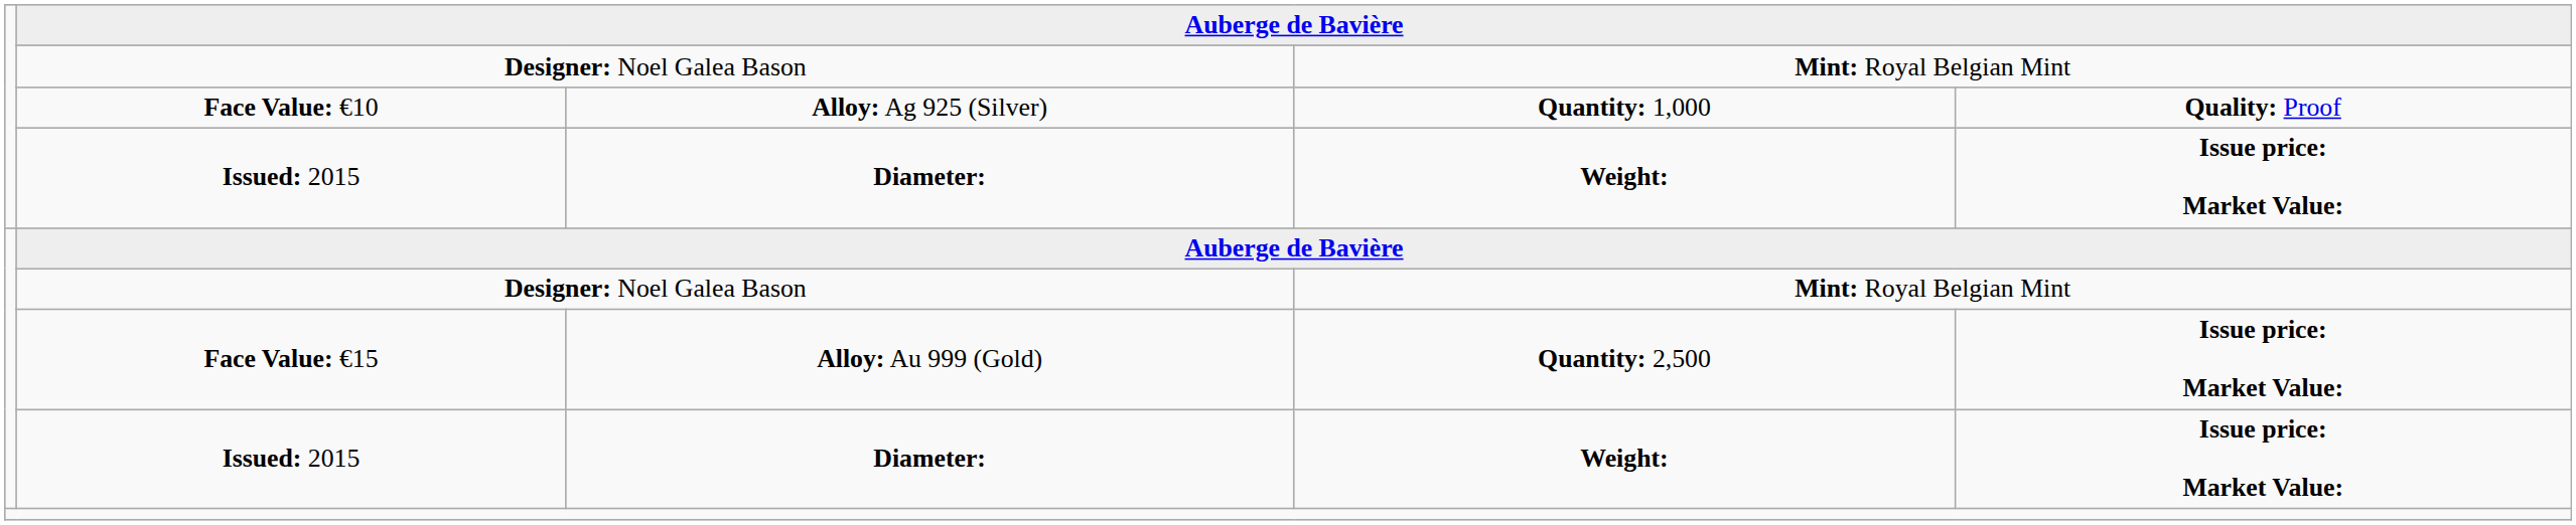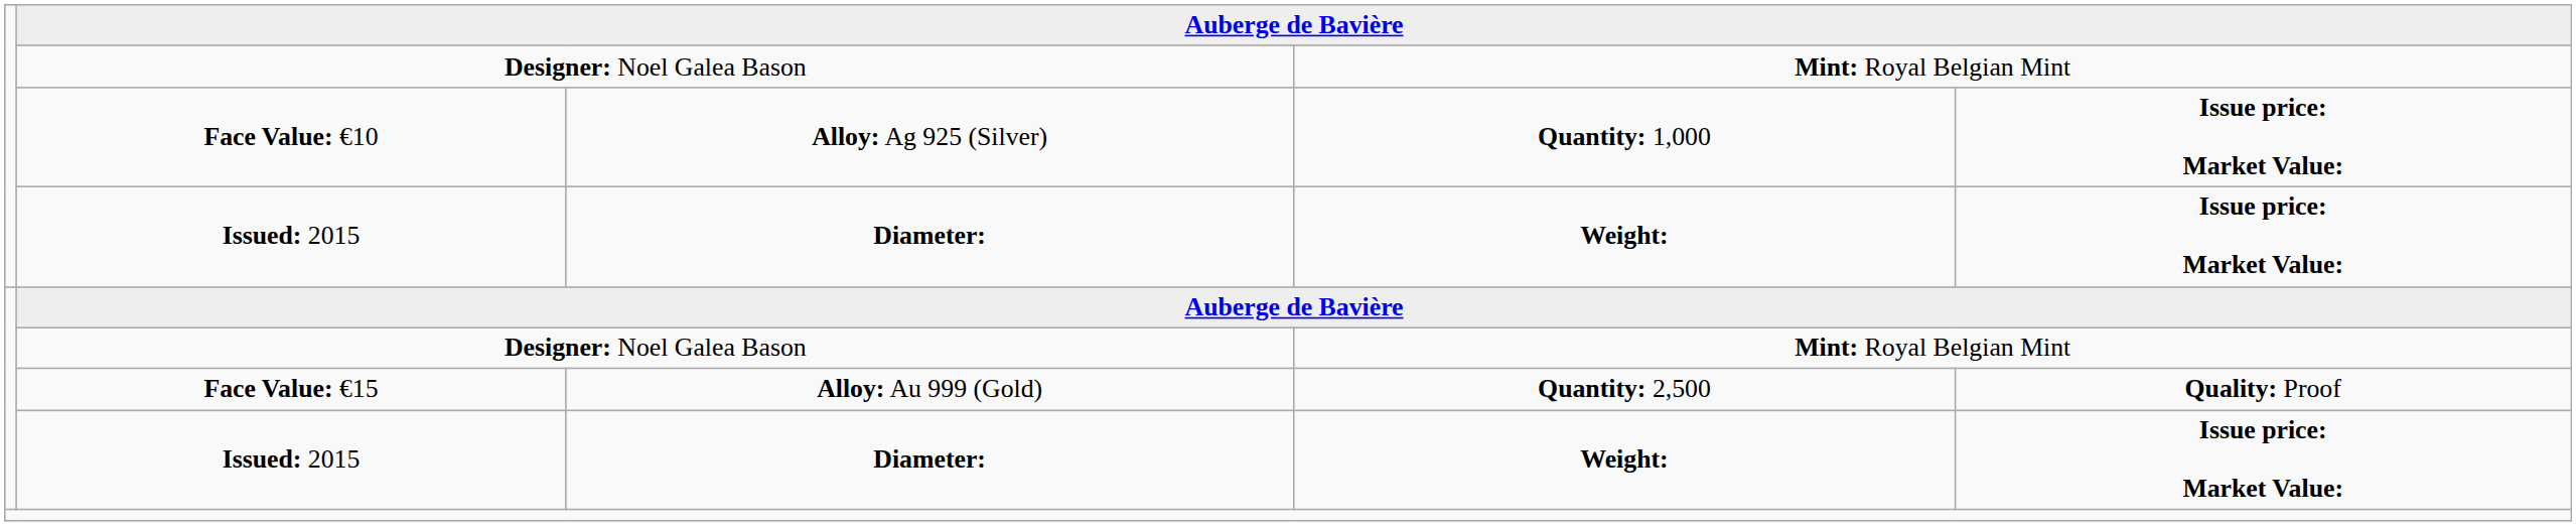 <table class="wikitable" width=100%>
 <tr>
 <td rowspan=4 width="330px" nowrap align=center></td>
 <th colspan="4" align=center style="background:#eeeeee;"><a href='#'>Auberge de Bavière</a></th>
 </tr>
 <tr>
 <td colspan="2" width="50%" align=center><strong>Designer:</strong> Noel Galea Bason</td>
 <td colspan="2" width="50%" align=center><strong>Mint:</strong> Royal Belgian Mint</td>
 </tr>
 <tr>
 <td align=center><strong>Face Value:</strong> €10</td>
 <td align=center><strong>Alloy:</strong> Ag 925 (Silver)</td>
 <td align=center><strong>Quantity:</strong> 1,000</td>
-<td align=center><strong>Quality:</strong> <a href='#'>Proof</a></td>
+<td align=center><strong>Issue price:</strong><br><br> <strong>Market Value:</strong></td>
 </tr>
 <tr>
 <td align=center><strong>Issued:</strong> 2015</td>
 <td align=center><strong>Diameter:</strong> </td>
 <td align=center><strong>Weight:</strong> </td>
 <td align=center><strong>Issue price:</strong><br><br> <strong>Market Value:</strong></td>
 </tr>
 <tr>
 <td rowspan=4 width="330px" nowrap align=center></td>
 <th colspan="4" align=center style="background:#eeeeee;"><a href='#'>Auberge de Bavière</a></th>
 </tr>
 <tr>
 <td colspan="2" width="50%" align=center><strong>Designer:</strong> Noel Galea Bason</td>
 <td colspan="2" width="50%" align=center><strong>Mint:</strong> Royal Belgian Mint</td>
 </tr>
 <tr>
 <td align=center><strong>Face Value:</strong> €15</td>
 <td align=center><strong>Alloy:</strong> Au 999 (Gold)</td>
 <td align=center><strong>Quantity:</strong> 2,500</td>
-<td align=center><strong>Issue price:</strong><br><br> <strong>Market Value:</strong></td>
+<td align=center><strong>Quality:</strong> Proof</td>
 </tr>
 <tr>
 <td align=center><strong>Issued:</strong> 2015</td>
 <td align=center><strong>Diameter:</strong> </td>
 <td align=center><strong>Weight:</strong> </td>
 <td align=center><strong>Issue price:</strong><br><br> <strong>Market Value:</strong></td>
 </tr>
 <tr>
 <td colspan="5" align=left></td>
 </tr>
 </table>
